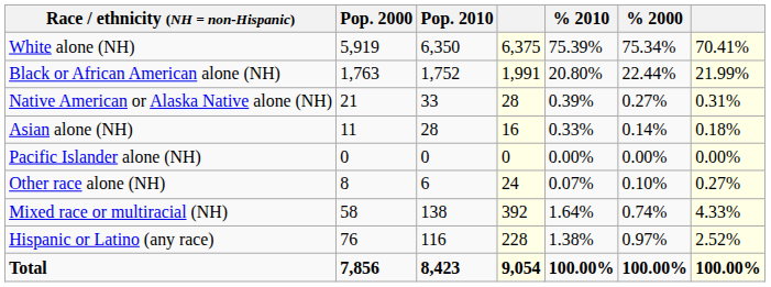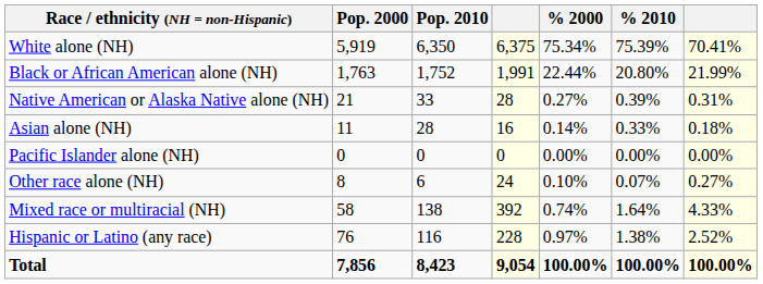 <table class="wikitable">
 <tr>
 <th>Race / ethnicity <small>(<em>NH = non-Hispanic</em>)</small></th>
 <th>Pop. 2000</th>
 <th>Pop. 2010</th>
 <th></th>
+<th>% 2000</th>
 <th>% 2010</th>
-<th>% 2000</th>
 <th></th>
 </tr>
 <tr>
 <td><a href='#'>White</a> alone (NH)</td>
 <td>5,919</td>
 <td>6,350</td>
 <td style='background: #ffffe6;'>6,375</td>
+<td>75.34%</td>
 <td>75.39%</td>
-<td>75.34%</td>
 <td style='background: #ffffe6;'>70.41%</td>
 </tr>
 <tr>
 <td><a href='#'>Black or African American</a> alone (NH)</td>
 <td>1,763</td>
 <td>1,752</td>
 <td style='background: #ffffe6;'>1,991</td>
+<td>22.44%</td>
 <td>20.80%</td>
-<td>22.44%</td>
 <td style='background: #ffffe6;'>21.99%</td>
 </tr>
 <tr>
 <td><a href='#'>Native American</a> or <a href='#'>Alaska Native</a> alone (NH)</td>
 <td>21</td>
 <td>33</td>
 <td style='background: #ffffe6;'>28</td>
+<td>0.27%</td>
 <td>0.39%</td>
-<td>0.27%</td>
 <td style='background: #ffffe6;'>0.31%</td>
 </tr>
 <tr>
 <td><a href='#'>Asian</a> alone (NH)</td>
 <td>11</td>
 <td>28</td>
 <td style='background: #ffffe6;'>16</td>
+<td>0.14%</td>
 <td>0.33%</td>
-<td>0.14%</td>
 <td style='background: #ffffe6;'>0.18%</td>
 </tr>
 <tr>
 <td><a href='#'>Pacific Islander</a> alone (NH)</td>
 <td>0</td>
 <td>0</td>
 <td style='background: #ffffe6;'>0</td>
 <td>0.00%</td>
 <td>0.00%</td>
 <td style='background: #ffffe6;'>0.00%</td>
 </tr>
 <tr>
 <td><a href='#'>Other race</a> alone (NH)</td>
 <td>8</td>
 <td>6</td>
 <td style='background: #ffffe6;'>24</td>
+<td>0.10%</td>
 <td>0.07%</td>
-<td>0.10%</td>
 <td style='background: #ffffe6;'>0.27%</td>
 </tr>
 <tr>
 <td><a href='#'>Mixed race or multiracial</a> (NH)</td>
 <td>58</td>
 <td>138</td>
 <td style='background: #ffffe6;'>392</td>
+<td>0.74%</td>
 <td>1.64%</td>
-<td>0.74%</td>
 <td style='background: #ffffe6;'>4.33%</td>
 </tr>
 <tr>
 <td><a href='#'>Hispanic or Latino</a> (any race)</td>
 <td>76</td>
 <td>116</td>
 <td style='background: #ffffe6;'>228</td>
+<td>0.97%</td>
 <td>1.38%</td>
-<td>0.97%</td>
 <td style='background: #ffffe6;'>2.52%</td>
 </tr>
 <tr>
 <td><strong>Total</strong></td>
 <td><strong>7,856</strong></td>
 <td><strong>8,423</strong></td>
 <td style='background: #ffffe6;'><strong>9,054</strong></td>
 <td><strong>100.00%</strong></td>
 <td><strong>100.00%</strong></td>
 <td style='background: #ffffe6;'><strong>100.00%</strong></td>
 </tr>
 </table>
